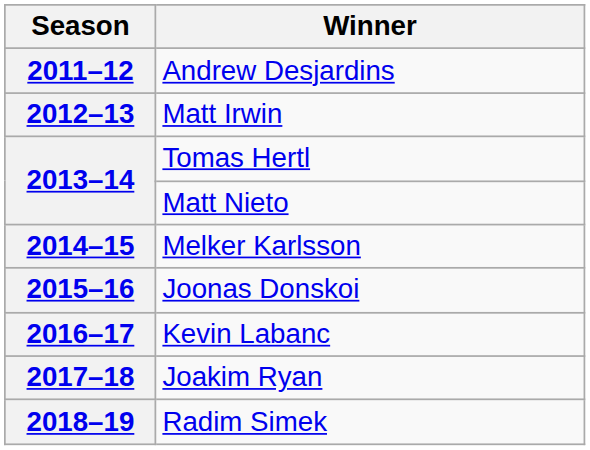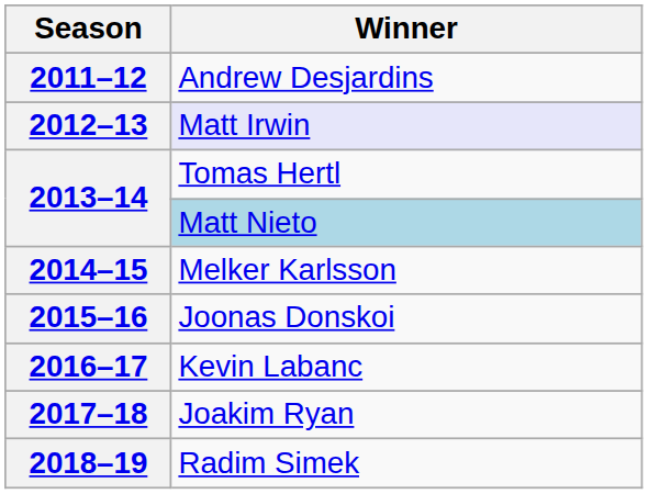 <table class="wikitable">
 <tr>
 <th scope="col" style="width:5em">Season</th>
 <th scope="col" style="width:15em">Winner</th>
 </tr>
 <tr>
 <th scope="row"><a href='#'>2011–12</a></th>
 <td><a href='#'>Andrew Desjardins</a></td>
 </tr>
 <tr>
 <th scope="row"><a href='#'>2012–13</a></th>
-<td><a href='#'>Matt Irwin</a></td>
+<td style="background: lavender;"><a href='#'>Matt Irwin</a></td>
 </tr>
 <tr>
 <th scope="row" rowspan="2"><a href='#'>2013–14</a></th>
 <td><a href='#'>Tomas Hertl</a></td>
 </tr>
 <tr>
-<td><a href='#'>Matt Nieto</a></td>
+<td style="background: lightblue;"><a href='#'>Matt Nieto</a></td>
 </tr>
 <tr>
 <th scope="row"><a href='#'>2014–15</a></th>
 <td><a href='#'>Melker Karlsson</a></td>
 </tr>
 <tr>
 <th scope="row"><a href='#'>2015–16</a></th>
 <td><a href='#'>Joonas Donskoi</a></td>
 </tr>
 <tr>
 <th scope="row"><a href='#'>2016–17</a></th>
 <td><a href='#'>Kevin Labanc</a></td>
 </tr>
 <tr>
 <th scope="row"><a href='#'>2017–18</a></th>
 <td><a href='#'>Joakim Ryan</a></td>
 </tr>
 <tr>
 <th scope="row"><a href='#'>2018–19</a></th>
 <td><a href='#'>Radim Simek</a></td>
 </tr>
 </table>
